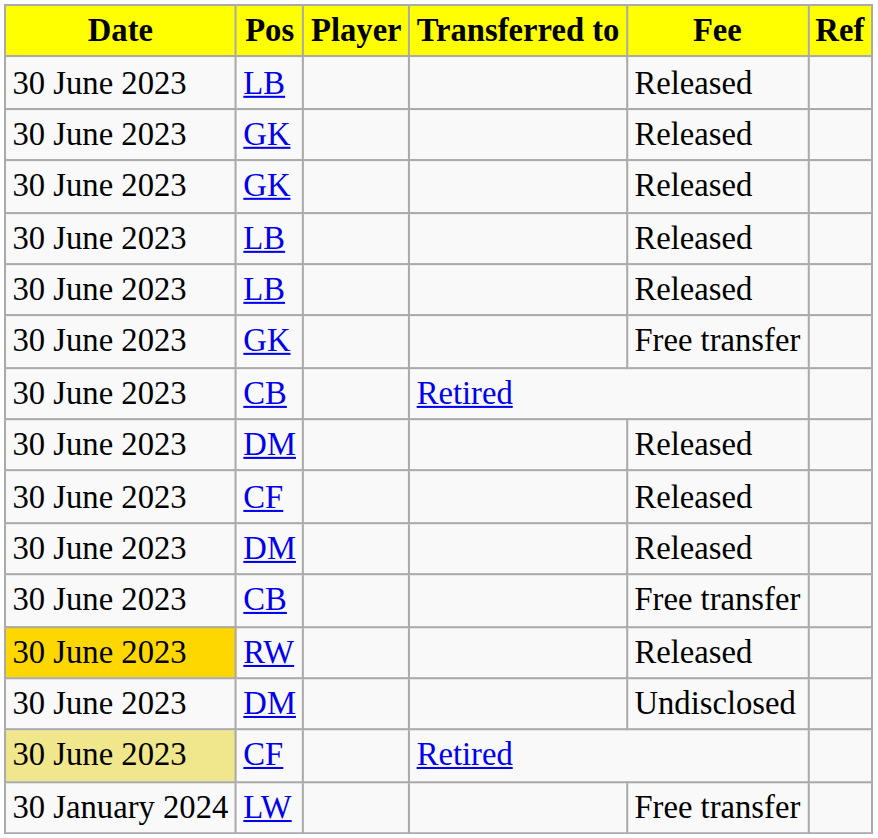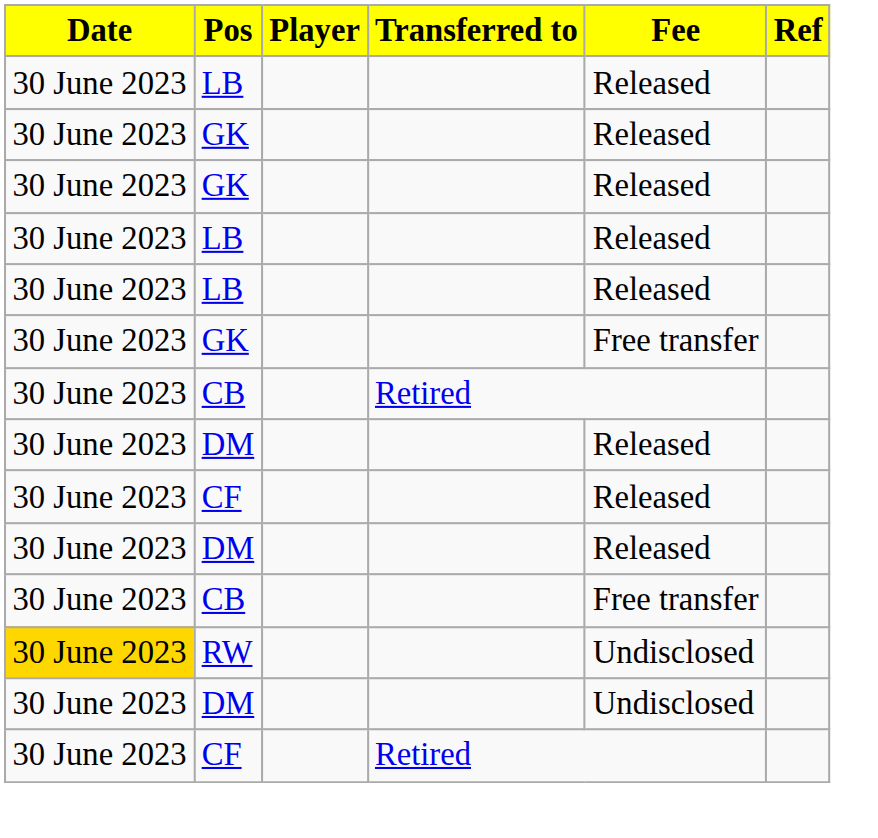 <table class="wikitable plainrowheaders sortable">
 <tr>
 <th style="background-color:yellow;">Date</th>
 <th style="background-color:yellow;">Pos</th>
 <th style="background-color:yellow;">Player</th>
 <th style="background-color:yellow;">Transferred to</th>
 <th style="background-color:yellow;">Fee</th>
 <th style="background-color:yellow;">Ref</th>
 </tr>
 <tr>
 <td>30 June 2023</td>
 <td><a href='#'>LB</a></td>
 <td></td>
 <td></td>
 <td>Released</td>
 <td></td>
 </tr>
 <tr>
 <td>30 June 2023</td>
 <td><a href='#'>GK</a></td>
 <td></td>
 <td></td>
 <td>Released</td>
 <td></td>
 </tr>
 <tr>
 <td>30 June 2023</td>
 <td><a href='#'>GK</a></td>
 <td></td>
 <td></td>
 <td>Released</td>
 <td></td>
 </tr>
 <tr>
 <td>30 June 2023</td>
 <td><a href='#'>LB</a></td>
 <td></td>
 <td></td>
 <td>Released</td>
 <td></td>
 </tr>
 <tr>
 <td>30 June 2023</td>
 <td><a href='#'>LB</a></td>
 <td></td>
 <td></td>
 <td>Released</td>
 <td></td>
 </tr>
 <tr>
 <td>30 June 2023</td>
 <td><a href='#'>GK</a></td>
 <td></td>
 <td></td>
 <td>Free transfer</td>
 <td></td>
 </tr>
 <tr>
 <td>30 June 2023</td>
 <td><a href='#'>CB</a></td>
 <td></td>
 <td colspan="2"><a href='#'>Retired</a></td>
 <td></td>
 </tr>
 <tr>
 <td>30 June 2023</td>
 <td><a href='#'>DM</a></td>
 <td></td>
 <td></td>
 <td>Released</td>
 <td></td>
 </tr>
 <tr>
 <td>30 June 2023</td>
 <td><a href='#'>CF</a></td>
 <td></td>
 <td></td>
 <td>Released</td>
 <td></td>
 </tr>
 <tr>
 <td>30 June 2023</td>
 <td><a href='#'>DM</a></td>
 <td></td>
 <td></td>
 <td>Released</td>
 <td></td>
 </tr>
 <tr>
 <td>30 June 2023</td>
 <td><a href='#'>CB</a></td>
 <td></td>
 <td></td>
 <td>Free transfer</td>
 <td></td>
 </tr>
 <tr>
 <td style="background: gold;">30 June 2023</td>
 <td><a href='#'>RW</a></td>
 <td></td>
 <td></td>
-<td>Released</td>
+<td>Undisclosed</td>
 <td></td>
 </tr>
 <tr>
 <td>30 June 2023</td>
 <td><a href='#'>DM</a></td>
 <td></td>
 <td></td>
 <td>Undisclosed</td>
 <td></td>
 </tr>
 <tr>
-<td style="background: khaki;">30 June 2023</td>
+<td>30 June 2023</td>
 <td><a href='#'>CF</a></td>
 <td></td>
 <td colspan="2"><a href='#'>Retired</a></td>
 <td></td>
 </tr>
-<tr>
-<td>30 January 2024</td>
-<td><a href='#'>LW</a></td>
-<td></td>
-<td></td>
-<td>Free transfer</td>
-<td></td>
-</tr>
 </table>
